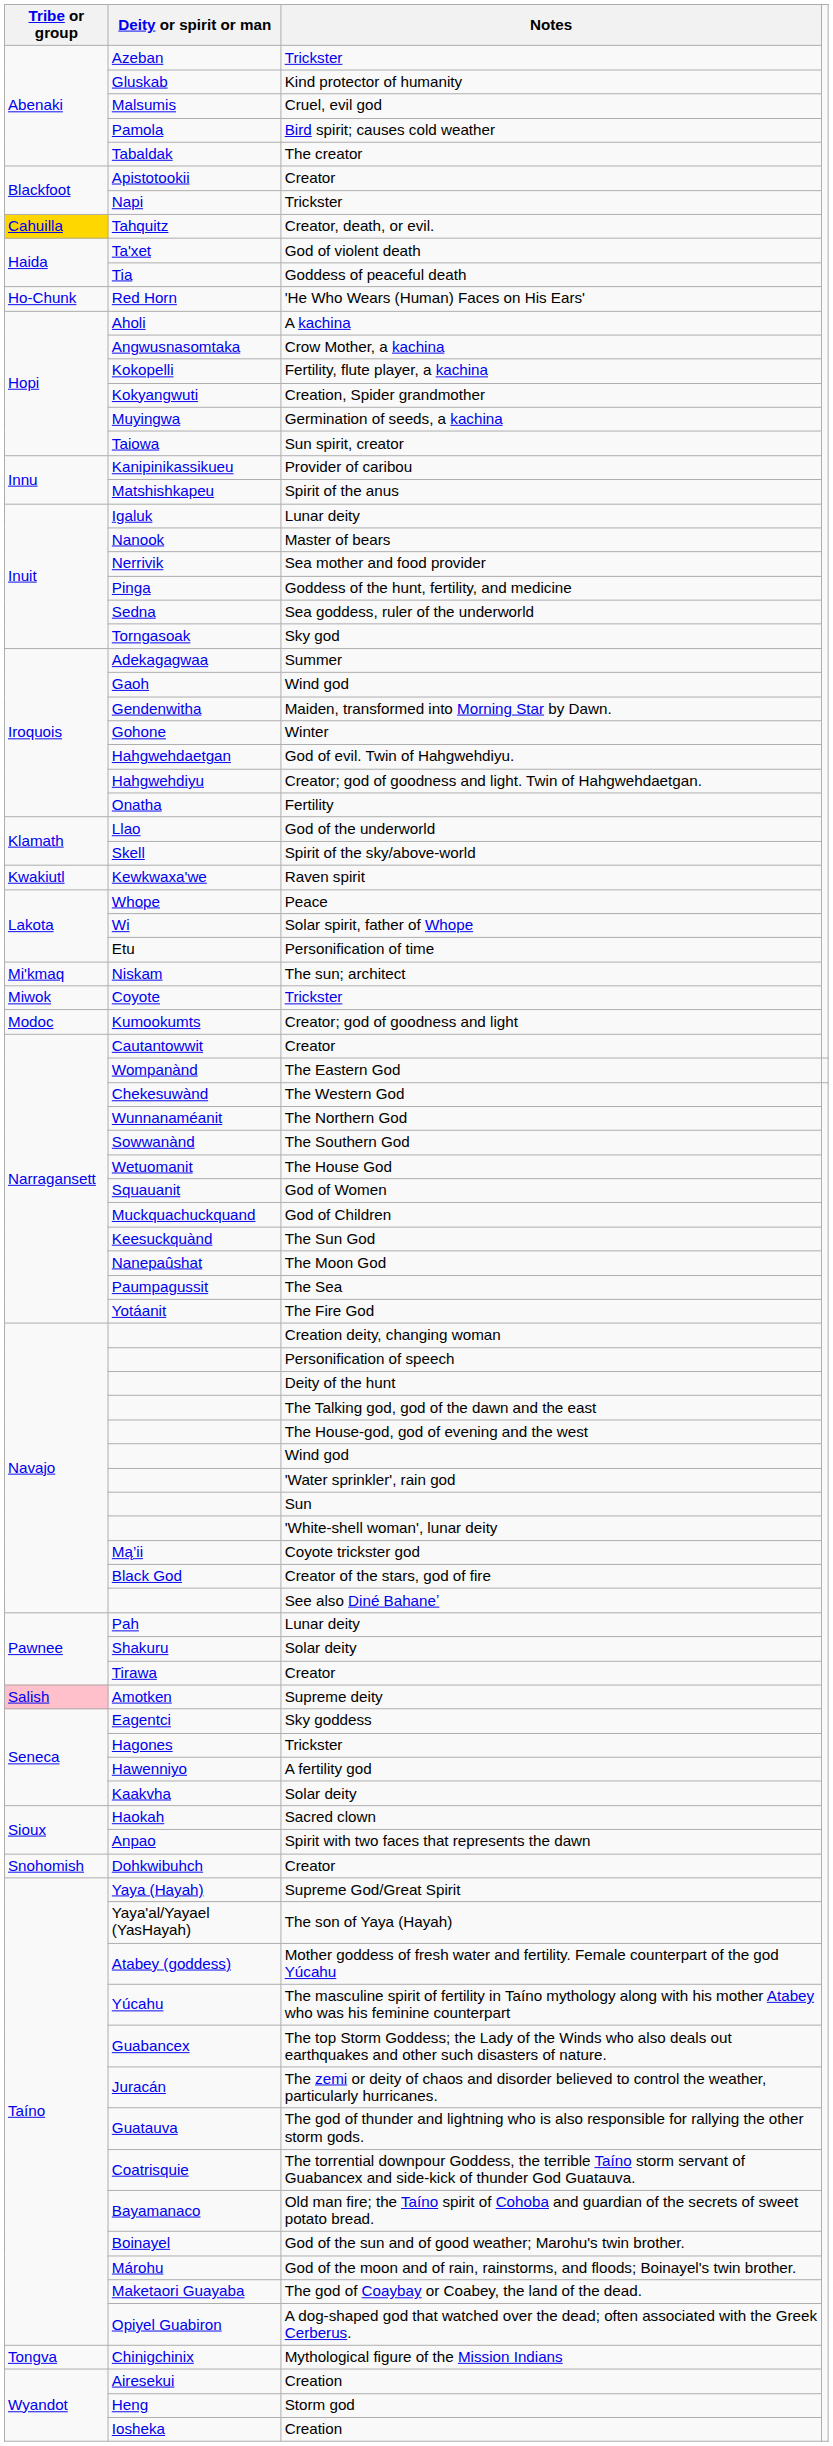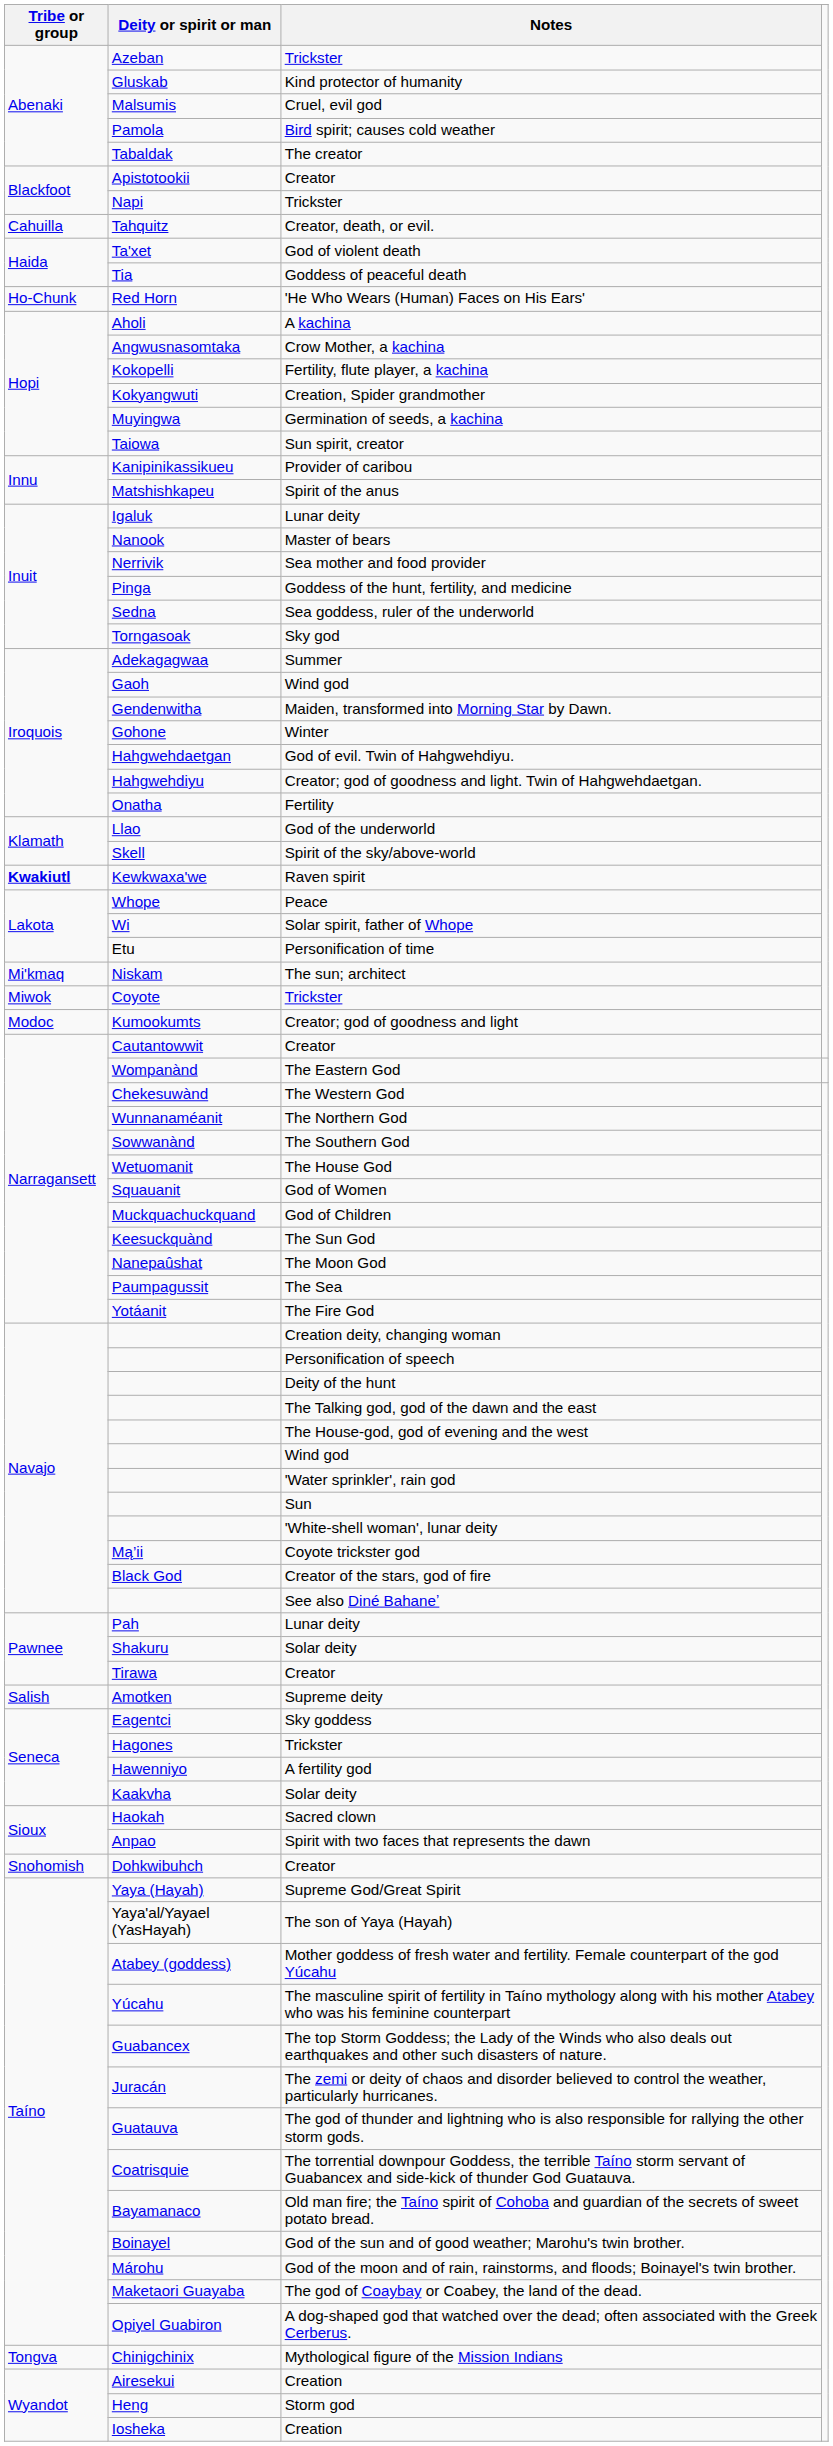 <table class="wikitable sortable sticky-header">
 <tr>
 <th><a href='#'>Tribe</a> or group</th>
 <th><a href='#'>Deity</a> or spirit or man</th>
 <th ! class="unsortable">Notes</th>
 </tr>
 <tr>
 <td rowspan="5"><a href='#'>Abenaki</a></td>
 <td><a href='#'>Azeban</a></td>
 <td><a href='#'>Trickster</a></td>
 </tr>
 <tr>
 <td><a href='#'>Gluskab</a></td>
 <td>Kind protector of humanity</td>
 </tr>
 <tr>
 <td><a href='#'>Malsumis</a></td>
 <td>Cruel, evil god</td>
 </tr>
 <tr>
 <td><a href='#'>Pamola</a></td>
 <td><a href='#'>Bird</a> spirit; causes cold weather</td>
 </tr>
 <tr>
 <td><a href='#'>Tabaldak</a></td>
 <td>The creator</td>
 </tr>
 <tr>
 <td rowspan="2"><a href='#'>Blackfoot</a></td>
 <td><a href='#'>Apistotookii</a></td>
 <td>Creator</td>
 </tr>
 <tr>
 <td><a href='#'>Napi</a></td>
 <td>Trickster</td>
 </tr>
 <tr>
-<td rowspan="1" style="background: gold;"><a href='#'>Cahuilla</a></td>
+<td rowspan="1"><a href='#'>Cahuilla</a></td>
 <td><a href='#'>Tahquitz</a></td>
 <td>Creator, death, or evil.</td>
 </tr>
 <tr>
 <td rowspan="2"><a href='#'>Haida</a></td>
 <td><a href='#'>Ta'xet</a></td>
 <td>God of violent death</td>
 </tr>
 <tr>
 <td><a href='#'>Tia</a></td>
 <td>Goddess of peaceful death</td>
 </tr>
 <tr>
 <td><a href='#'>Ho-Chunk</a></td>
 <td><a href='#'>Red Horn</a></td>
 <td>'He Who Wears (Human) Faces on His Ears'</td>
 </tr>
 <tr>
 <td rowspan="6"><a href='#'>Hopi</a></td>
 <td><a href='#'>Aholi</a></td>
 <td>A <a href='#'>kachina</a></td>
 </tr>
 <tr>
 <td><a href='#'>Angwusnasomtaka</a></td>
 <td>Crow Mother, a <a href='#'>kachina</a></td>
 </tr>
 <tr>
 <td><a href='#'>Kokopelli</a></td>
 <td>Fertility, flute player, a <a href='#'>kachina</a></td>
 </tr>
 <tr>
 <td><a href='#'>Kokyangwuti</a></td>
 <td>Creation, Spider grandmother</td>
 </tr>
 <tr>
 <td><a href='#'>Muyingwa</a></td>
 <td>Germination of seeds, a <a href='#'>kachina</a></td>
 </tr>
 <tr>
 <td><a href='#'>Taiowa</a></td>
 <td>Sun spirit, creator</td>
 </tr>
 <tr>
 <td rowspan="2"><a href='#'>Innu</a></td>
 <td><a href='#'>Kanipinikassikueu</a></td>
 <td>Provider of caribou</td>
 </tr>
 <tr>
 <td><a href='#'>Matshishkapeu</a></td>
 <td>Spirit of the anus</td>
 </tr>
 <tr>
 <td rowspan="6"><a href='#'>Inuit</a></td>
 <td><a href='#'>Igaluk</a></td>
 <td>Lunar deity</td>
 </tr>
 <tr>
 <td><a href='#'>Nanook</a></td>
 <td>Master of bears</td>
 </tr>
 <tr>
 <td><a href='#'>Nerrivik</a></td>
 <td>Sea mother and food provider</td>
 </tr>
 <tr>
 <td><a href='#'>Pinga</a></td>
 <td>Goddess of the hunt, fertility, and medicine</td>
 </tr>
 <tr>
 <td><a href='#'>Sedna</a></td>
 <td>Sea goddess, ruler of the underworld</td>
 </tr>
 <tr>
 <td><a href='#'>Torngasoak</a></td>
 <td>Sky god</td>
 </tr>
 <tr>
 <td rowspan="7"><a href='#'>Iroquois</a></td>
 <td><a href='#'>Adekagagwaa</a></td>
 <td>Summer</td>
 </tr>
 <tr>
 <td><a href='#'>Gaoh</a></td>
 <td>Wind god</td>
 </tr>
 <tr>
 <td><a href='#'>Gendenwitha</a></td>
 <td>Maiden, transformed into <a href='#'>Morning Star</a> by Dawn.</td>
 </tr>
 <tr>
 <td><a href='#'>Gohone</a></td>
 <td>Winter</td>
 </tr>
 <tr>
 <td><a href='#'>Hahgwehdaetgan</a></td>
 <td>God of evil. Twin of Hahgwehdiyu.</td>
 </tr>
 <tr>
 <td><a href='#'>Hahgwehdiyu</a></td>
 <td>Creator; god of goodness and light. Twin of Hahgwehdaetgan.</td>
 </tr>
 <tr>
 <td><a href='#'>Onatha</a></td>
 <td>Fertility</td>
 </tr>
 <tr>
 <td rowspan="2"><a href='#'>Klamath</a></td>
 <td><a href='#'>Llao</a></td>
 <td>God of the underworld</td>
 </tr>
 <tr>
 <td><a href='#'>Skell</a></td>
 <td>Spirit of the sky/above-world</td>
 </tr>
 <tr>
-<td><a href='#'>Kwakiutl</a></td>
+<td><strong><a href='#'>Kwakiutl</a></strong></td>
 <td><a href='#'>Kewkwaxa'we</a></td>
 <td>Raven spirit</td>
 </tr>
 <tr>
 <td rowspan="3"><a href='#'>Lakota</a></td>
 <td><a href='#'>Whope</a></td>
 <td>Peace</td>
 </tr>
 <tr>
 <td><a href='#'>Wi</a></td>
 <td>Solar spirit, father of <a href='#'>Whope</a></td>
 </tr>
 <tr>
 <td>Etu</td>
 <td>Personification of time</td>
 </tr>
 <tr>
 <td><a href='#'>Mi'kmaq</a></td>
 <td><a href='#'>Niskam</a></td>
 <td>The sun; architect</td>
 </tr>
 <tr>
 <td><a href='#'>Miwok</a></td>
 <td><a href='#'>Coyote</a></td>
 <td><a href='#'>Trickster</a></td>
 </tr>
 <tr>
 <td><a href='#'>Modoc</a></td>
 <td><a href='#'>Kumookumts</a></td>
 <td>Creator; god of goodness and light</td>
 </tr>
 <tr>
 <td rowspan="12"><a href='#'>Narragansett</a></td>
 <td><a href='#'>Cautantowwit</a></td>
 <td>Creator</td>
 </tr>
 <tr>
 <td><a href='#'>Wompanànd</a></td>
 <td>The Eastern God</td>
 <td></td>
 </tr>
 <tr>
 <td><a href='#'>Chekesuwànd</a></td>
 <td>The Western God</td>
 </tr>
 <tr>
 <td><a href='#'>Wunnanaméanit</a></td>
 <td>The Northern God</td>
 </tr>
 <tr>
 <td><a href='#'>Sowwanànd</a></td>
 <td>The Southern God</td>
 </tr>
 <tr>
 <td><a href='#'>Wetuomanit</a></td>
 <td>The House God</td>
 </tr>
 <tr>
 <td><a href='#'>Squauanit</a></td>
 <td>God of Women</td>
 </tr>
 <tr>
 <td><a href='#'>Muckquachuckquand</a></td>
 <td>God of Children</td>
 </tr>
 <tr>
 <td><a href='#'>Keesuckquànd</a></td>
 <td>The Sun God</td>
 </tr>
 <tr>
 <td><a href='#'>Nanepaûshat</a></td>
 <td>The Moon God</td>
 </tr>
 <tr>
 <td><a href='#'>Paumpagussit</a></td>
 <td>The Sea</td>
 </tr>
 <tr>
 <td><a href='#'>Yotáanit</a></td>
 <td>The Fire God</td>
 </tr>
 <tr>
 <td rowspan="12"><a href='#'>Navajo</a></td>
 <td></td>
 <td>Creation deity, changing woman</td>
 </tr>
 <tr>
 <td></td>
 <td>Personification of speech</td>
 </tr>
 <tr>
 <td></td>
 <td>Deity of the hunt</td>
 </tr>
 <tr>
 <td></td>
 <td>The Talking god, god of the dawn and the east</td>
 </tr>
 <tr>
 <td></td>
 <td>The House-god, god of evening and the west</td>
 </tr>
 <tr>
 <td></td>
 <td>Wind god</td>
 </tr>
 <tr>
 <td></td>
 <td>'Water sprinkler', rain god</td>
 </tr>
 <tr>
 <td></td>
 <td>Sun</td>
 </tr>
 <tr>
 <td></td>
 <td>'White-shell woman', lunar deity</td>
 </tr>
 <tr>
 <td><a href='#'>Mą’ii</a></td>
 <td>Coyote trickster god</td>
 </tr>
 <tr>
 <td><a href='#'>Black God</a></td>
 <td>Creator of the stars, god of fire</td>
 </tr>
 <tr>
 <td></td>
 <td>See also <a href='#'>Diné Bahaneʼ</a></td>
 </tr>
 <tr>
 <td rowspan="3"><a href='#'>Pawnee</a></td>
 <td><a href='#'>Pah</a></td>
 <td>Lunar deity</td>
 </tr>
 <tr>
 <td><a href='#'>Shakuru</a></td>
 <td>Solar deity</td>
 </tr>
 <tr>
 <td><a href='#'>Tirawa</a></td>
 <td>Creator</td>
 </tr>
 <tr>
-<td style="background: pink;"><a href='#'>Salish</a></td>
+<td><a href='#'>Salish</a></td>
 <td><a href='#'>Amotken</a></td>
 <td>Supreme deity</td>
 </tr>
 <tr>
 <td rowspan="4"><a href='#'>Seneca</a></td>
 <td><a href='#'>Eagentci</a></td>
 <td>Sky goddess</td>
 </tr>
 <tr>
 <td><a href='#'>Hagones</a></td>
 <td>Trickster</td>
 </tr>
 <tr>
 <td><a href='#'>Hawenniyo</a></td>
 <td>A fertility god</td>
 </tr>
 <tr>
 <td><a href='#'>Kaakvha</a></td>
 <td>Solar deity</td>
 </tr>
 <tr>
 <td rowspan="2"><a href='#'>Sioux</a></td>
 <td><a href='#'>Haokah</a></td>
 <td>Sacred clown</td>
 </tr>
 <tr>
 <td><a href='#'>Anpao</a></td>
 <td>Spirit with two faces that represents the dawn</td>
 </tr>
 <tr>
 <td><a href='#'>Snohomish</a></td>
 <td><a href='#'>Dohkwibuhch</a></td>
 <td>Creator</td>
 </tr>
 <tr>
 <td rowspan="13"><a href='#'>Taíno</a></td>
 <td><a href='#'>Yaya (Hayah)</a></td>
 <td>Supreme God/Great Spirit</td>
 </tr>
 <tr>
 <td>Yaya'al/Yayael (YasHayah)</td>
 <td>The son of Yaya (Hayah)</td>
 </tr>
 <tr>
 <td><a href='#'>Atabey (goddess)</a></td>
 <td>Mother goddess of fresh water and fertility. Female counterpart of the god <a href='#'>Yúcahu</a></td>
 </tr>
 <tr>
 <td><a href='#'>Yúcahu</a></td>
 <td>The masculine spirit of fertility in Taíno mythology along with his mother <a href='#'>Atabey</a> who was his feminine counterpart</td>
 </tr>
 <tr>
 <td><a href='#'>Guabancex</a></td>
 <td>The top Storm Goddess; the Lady of the Winds who also deals out earthquakes and other such disasters of nature.</td>
 </tr>
 <tr>
 <td><a href='#'>Juracán</a></td>
 <td>The <a href='#'>zemi</a> or deity of chaos and disorder believed to control the weather, particularly hurricanes.</td>
 </tr>
 <tr>
 <td><a href='#'>Guatauva</a></td>
 <td>The god of thunder and lightning who is also responsible for rallying the other storm gods.</td>
 </tr>
 <tr>
 <td><a href='#'>Coatrisquie</a></td>
 <td>The torrential downpour Goddess, the terrible <a href='#'>Taíno</a> storm servant of Guabancex and side-kick of thunder God Guatauva.</td>
 </tr>
 <tr>
 <td><a href='#'>Bayamanaco</a></td>
 <td>Old man fire; the <a href='#'>Taíno</a> spirit of <a href='#'>Cohoba</a> and guardian of the secrets of sweet potato bread.</td>
 </tr>
 <tr>
 <td><a href='#'>Boinayel</a></td>
 <td>God of the sun and of good weather; Marohu's twin brother.</td>
 </tr>
 <tr>
 <td><a href='#'>Márohu</a></td>
 <td>God of the moon and of rain, rainstorms, and floods; Boinayel's twin brother.</td>
 </tr>
 <tr>
 <td><a href='#'>Maketaori Guayaba</a></td>
 <td>The god of <a href='#'>Coaybay</a> or Coabey, the land of the dead.</td>
 </tr>
 <tr>
 <td><a href='#'>Opiyel Guabiron</a></td>
 <td>A dog-shaped god that watched over the dead; often associated with the Greek <a href='#'>Cerberus</a>.</td>
 </tr>
 <tr>
 <td rowspan="1"><a href='#'>Tongva</a></td>
 <td><a href='#'>Chinigchinix</a></td>
 <td>Mythological figure of the <a href='#'>Mission Indians</a></td>
 </tr>
 <tr>
 <td rowspan="3"><a href='#'>Wyandot</a></td>
 <td><a href='#'>Airesekui</a></td>
 <td>Creation</td>
 </tr>
 <tr>
 <td><a href='#'>Heng</a></td>
 <td>Storm god</td>
 </tr>
 <tr>
 <td><a href='#'>Iosheka</a></td>
 <td>Creation</td>
 </tr>
 </table>
